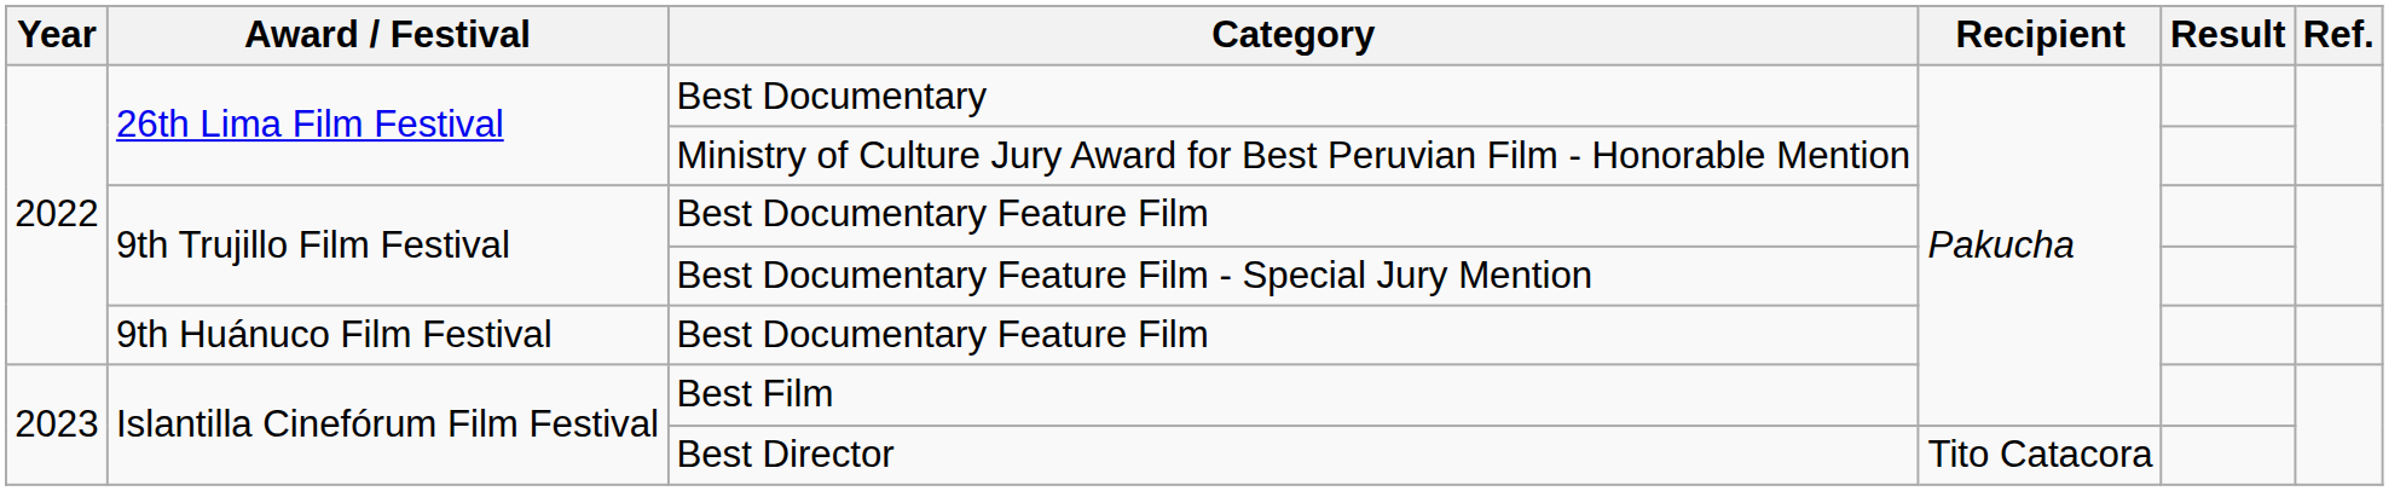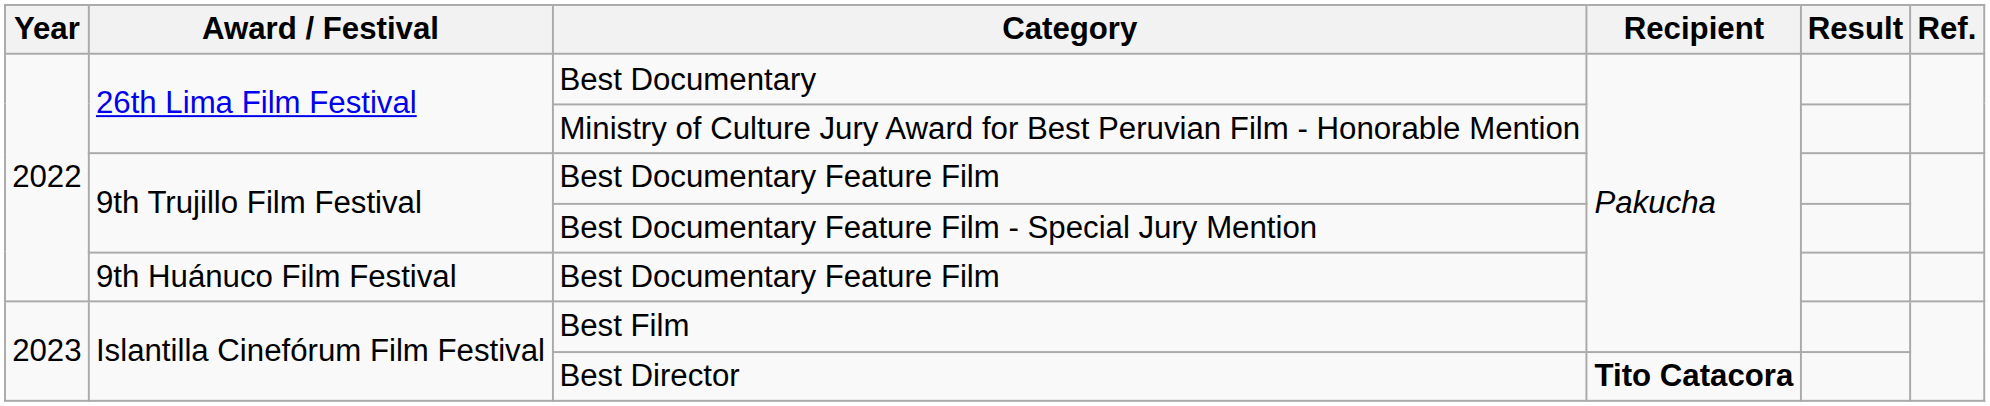 <table class="wikitable">
 <tr>
 <th>Year</th>
 <th>Award / Festival</th>
 <th>Category</th>
 <th>Recipient</th>
 <th>Result</th>
 <th>Ref.</th>
 </tr>
 <tr>
 <td rowspan="5">2022</td>
 <td rowspan="2"><a href='#'>26th Lima Film Festival</a></td>
 <td>Best Documentary</td>
 <td rowspan="6"><em>Pakucha</em></td>
 <td></td>
 <td rowspan="2"></td>
 </tr>
 <tr>
 <td>Ministry of Culture Jury Award for Best Peruvian Film - Honorable Mention</td>
 <td></td>
 </tr>
 <tr>
 <td rowspan="2">9th Trujillo Film Festival</td>
 <td>Best Documentary Feature Film</td>
 <td></td>
 <td rowspan="2"></td>
 </tr>
 <tr>
 <td>Best Documentary Feature Film - Special Jury Mention</td>
 <td></td>
 </tr>
 <tr>
 <td>9th Huánuco Film Festival</td>
 <td>Best Documentary Feature Film</td>
 <td></td>
 <td></td>
 </tr>
 <tr>
 <td rowspan="2">2023</td>
 <td rowspan="2">Islantilla Cinefórum Film Festival</td>
 <td>Best Film</td>
 <td></td>
 <td rowspan="2"></td>
 </tr>
 <tr>
 <td>Best Director</td>
-<td>Tito Catacora</td>
+<td><strong>Tito Catacora</strong></td>
 <td></td>
 </tr>
 </table>
